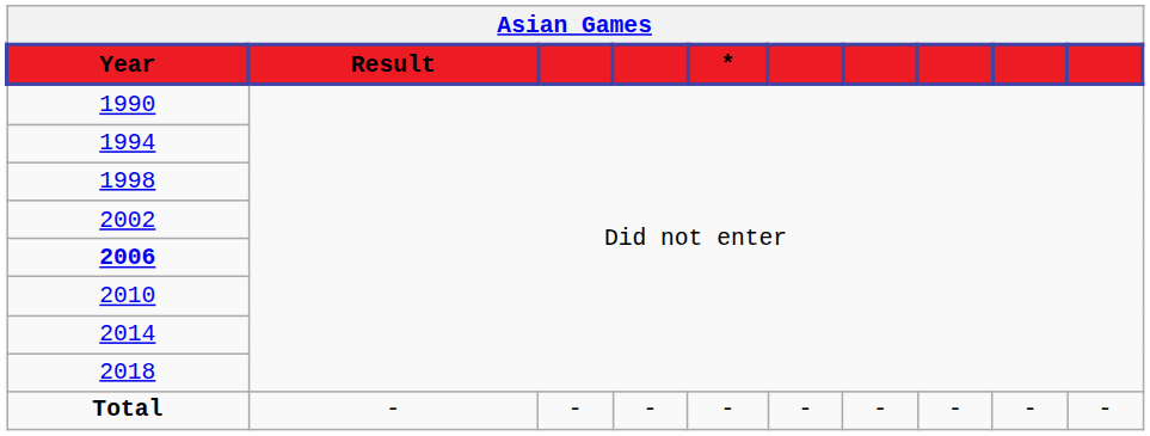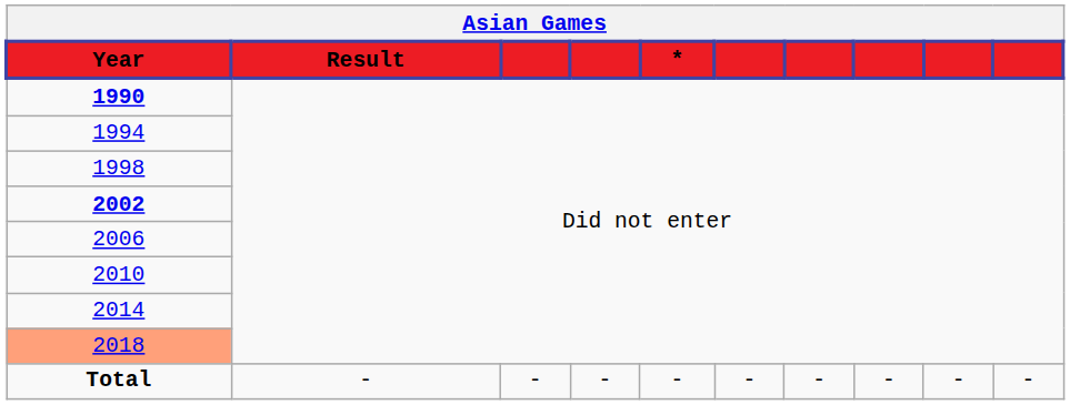 <table class="wikitable" style="text-align: center; width:50%;">
 <tr>
 <th colspan=10><a href='#'>Asian Games</a></th>
 </tr>
 <tr>
 <th style="background:#ED1C24;border: 2px solid #3F43A4;"><span>Year</span></th>
 <th style="background:#ED1C24;border: 2px solid #3F43A4;"><span>Result</span></th>
 <th style="background:#ED1C24;border: 2px solid #3F43A4;"><span></span></th>
 <th style="background:#ED1C24;border: 2px solid #3F43A4;"><span></span></th>
 <th style="background:#ED1C24;border: 2px solid #3F43A4;"><span>*</span></th>
 <th style="background:#ED1C24;border: 2px solid #3F43A4;"><span></span></th>
 <th style="background:#ED1C24;border: 2px solid #3F43A4;"><span></span></th>
 <th style="background:#ED1C24;border: 2px solid #3F43A4;"><span></span></th>
 <th style="background:#ED1C24;border: 2px solid #3F43A4;"><span></span></th>
 <th style="background:#ED1C24;border: 2px solid #3F43A4;"><span></span></th>
 </tr>
 <tr>
-<td> <a href='#'>1990</a></td>
+<td><strong> <a href='#'>1990</a></strong></td>
 <td colspan = 10 rowspan = 8>Did not enter</td>
 </tr>
 <tr>
 <td> <a href='#'>1994</a></td>
 </tr>
 <tr>
 <td> <a href='#'>1998</a></td>
 </tr>
 <tr>
-<td> <a href='#'>2002</a></td>
+<td><strong> <a href='#'>2002</a></strong></td>
 </tr>
 <tr>
-<td><strong> <a href='#'>2006</a></strong></td>
+<td> <a href='#'>2006</a></td>
 </tr>
 <tr>
 <td> <a href='#'>2010</a></td>
 </tr>
 <tr>
 <td> <a href='#'>2014</a></td>
 </tr>
 <tr>
-<td> <a href='#'>2018</a></td>
+<td style="background: lightsalmon;"> <a href='#'>2018</a></td>
 </tr>
 <tr>
 <td><strong>Total</strong></td>
 <td>-</td>
 <td>-</td>
 <td>-</td>
 <td>-</td>
 <td>-</td>
 <td>-</td>
 <td>-</td>
 <td>-</td>
 <td>-</td>
 </tr>
 </table>
